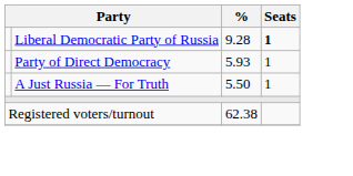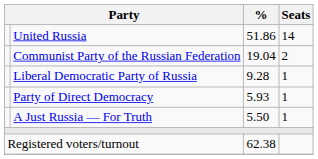 <table class="wikitable">
 <tr>
 <th colspan=2>Party</th>
 <th>%</th>
 <th>Seats</th>
 </tr>
 <tr>
 <td style="background:"></td>
+<td><a href='#'>United Russia</a></td>
+<td>51.86</td>
+<td>14</td>
+</tr>
+<tr>
+<td style="background:"></td>
+<td><a href='#'>Communist Party of the Russian Federation</a></td>
+<td>19.04</td>
+<td>2</td>
+</tr>
+<tr>
+<td style="background:"></td>
 <td><a href='#'>Liberal Democratic Party of Russia</a></td>
 <td>9.28</td>
-<td><strong>1</strong></td>
+<td>1</td>
 </tr>
 <tr>
 <td style="background:"></td>
 <td><a href='#'>Party of Direct Democracy</a></td>
 <td>5.93</td>
 <td>1</td>
 </tr>
 <tr>
 <td style="background:"></td>
 <td><a href='#'>A Just Russia — For Truth</a></td>
 <td>5.50</td>
 <td>1</td>
 </tr>
 <tr>
 <td colspan=4 style="background:#E9E9E9;"></td>
 </tr>
 <tr>
 <td align=left colspan=2>Registered voters/turnout</td>
 <td>62.38</td>
 <td></td>
 </tr>
 <tr>
 </tr>
 </table>
